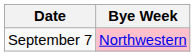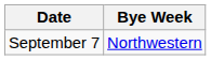 <table class="wikitable" style="font-size:95%;">
 <tr>
 <th>Date</th>
 <th>Bye Week</th>
 </tr>
 <tr>
 <td>September 7</td>
-<td style="background: pink;"><a href='#'>Northwestern</a></td>
+<td><a href='#'>Northwestern</a></td>
 </tr>
 </table>
